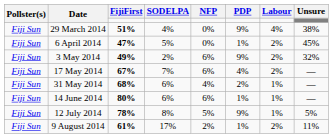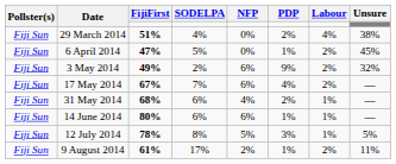 <table class=wikitable style="text-align:center; font-size:95%; line-height:16px;">
 <tr>
 <th rowspan=2>Pollster(s)</th>
 <th rowspan=2>Date</th>
 <th style="width:50px;"><a href='#'>FijiFirst</a></th>
 <th style="width:50px;"><a href='#'>SODELPA</a></th>
 <th style="width:50px;"><a href='#'>NFP</a></th>
 <th style="width:50px;"><a href='#'>PDP</a></th>
 <th style="width:50px;"><a href='#'>Labour</a></th>
 <th style="width:50px;">Unsure</th>
 </tr>
 <tr>
 <td style="background:"></td>
 <td style="background:"></td>
 <td style="background:"></td>
 <td style="background:"></td>
 <td style="background:"></td>
 <td style="background:grey"></td>
 </tr>
 <tr>
 <td><em><a href='#'>Fiji Sun</a></em></td>
 <td>29 March 2014</td>
 <td><strong>51%</strong></td>
 <td>4%</td>
 <td>0%</td>
-<td>9%</td>
+<td>2%</td>
 <td>4%</td>
 <td>38%</td>
 </tr>
 <tr>
 <td><em><a href='#'>Fiji Sun</a></em></td>
 <td>6 April 2014</td>
 <td><strong>47%</strong></td>
 <td>5%</td>
 <td>0%</td>
 <td>1%</td>
 <td>2%</td>
 <td>45%</td>
 </tr>
 <tr>
 <td><em><a href='#'>Fiji Sun</a></em></td>
 <td>3 May 2014</td>
 <td><strong>49%</strong></td>
 <td>2%</td>
 <td>6%</td>
 <td>9%</td>
 <td>2%</td>
 <td>32%</td>
 </tr>
 <tr>
 <td><em><a href='#'>Fiji Sun</a></em></td>
 <td>17 May 2014</td>
 <td><strong>67%</strong></td>
 <td>7%</td>
 <td>6%</td>
 <td>4%</td>
 <td>2%</td>
 <td>—</td>
 </tr>
 <tr>
 <td><em><a href='#'>Fiji Sun</a></em></td>
 <td>31 May 2014</td>
 <td><strong>68%</strong></td>
 <td>6%</td>
 <td>4%</td>
 <td>2%</td>
 <td>1%</td>
 <td>—</td>
 </tr>
 <tr>
 <td><em><a href='#'>Fiji Sun</a></em></td>
 <td>14 June 2014</td>
 <td><strong>80%</strong></td>
 <td>6%</td>
 <td>6%</td>
 <td>1%</td>
 <td>1%</td>
 <td>—</td>
 </tr>
 <tr>
 <td><em><a href='#'>Fiji Sun</a></em></td>
 <td>12 July 2014</td>
 <td><strong>78%</strong></td>
 <td>8%</td>
 <td>5%</td>
-<td>9%</td>
+<td>3%</td>
 <td>1%</td>
 <td>5%</td>
 </tr>
 <tr>
 <td><em><a href='#'>Fiji Sun</a></em></td>
 <td>9 August 2014</td>
 <td><strong>61%</strong></td>
 <td>17%</td>
 <td>2%</td>
 <td>1%</td>
 <td>2%</td>
 <td>11%</td>
 </tr>
 </table>
